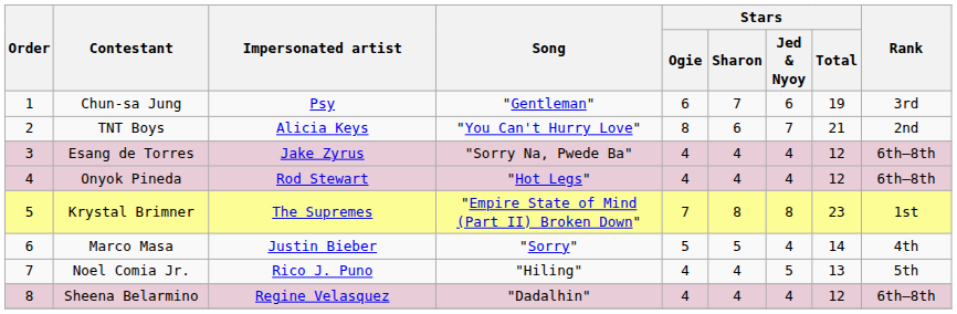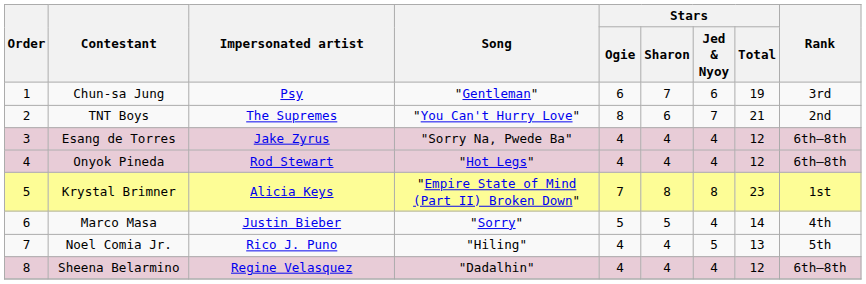 <table class="wikitable" style="text-align:center; line-height:17px; width:100%;">
 <tr>
 <th rowspan="2" style="width:03%;">Order</th>
 <th rowspan="2" style="width:17%;">Contestant</th>
 <th rowspan="2" style="width:25%;">Impersonated artist</th>
 <th rowspan="2" style="width:25%;">Song</th>
 <th colspan="4" style="width:20%;">Stars</th>
 <th rowspan="2" style="width:10%;">Rank</th>
 </tr>
 <tr>
 <th style="width:05%;">Ogie</th>
 <th style="width:05%;">Sharon</th>
 <th style="width:05%;">Jed & Nyoy</th>
 <th style="width:05%;">Total</th>
 </tr>
 <tr>
 <td>1</td>
 <td>Chun-sa Jung</td>
 <td><a href='#'>Psy</a></td>
 <td>"<a href='#'>Gentleman</a>"</td>
 <td>6</td>
 <td>7</td>
 <td>6</td>
 <td>19</td>
 <td>3rd</td>
 </tr>
 <tr>
 <td>2</td>
 <td>TNT Boys</td>
-<td><a href='#'>Alicia Keys</a></td>
+<td><a href='#'>The Supremes</a></td>
 <td>"<a href='#'>You Can't Hurry Love</a>"</td>
 <td>8</td>
 <td>6</td>
 <td>7</td>
 <td>21</td>
 <td>2nd</td>
 </tr>
 <tr bgcolor=#E8CCD7>
 <td>3</td>
 <td>Esang de Torres</td>
 <td><a href='#'>Jake Zyrus</a></td>
 <td>"Sorry Na, Pwede Ba"</td>
 <td>4</td>
 <td>4</td>
 <td>4</td>
 <td>12</td>
 <td>6th–8th</td>
 </tr>
 <tr bgcolor=#E8CCD7>
 <td>4</td>
 <td>Onyok Pineda</td>
 <td><a href='#'>Rod Stewart</a></td>
 <td>"<a href='#'>Hot Legs</a>"</td>
 <td>4</td>
 <td>4</td>
 <td>4</td>
 <td>12</td>
 <td>6th–8th</td>
 </tr>
 <tr bgcolor=#FDFD96>
 <td>5</td>
 <td>Krystal Brimner</td>
-<td><a href='#'>The Supremes</a></td>
+<td><a href='#'>Alicia Keys</a></td>
 <td>"<a href='#'>Empire State of Mind (Part II) Broken Down</a>"</td>
 <td>7</td>
 <td>8</td>
 <td>8</td>
 <td>23</td>
 <td>1st</td>
 </tr>
 <tr>
 <td>6</td>
 <td>Marco Masa</td>
 <td><a href='#'>Justin Bieber</a></td>
 <td>"<a href='#'>Sorry</a>"</td>
 <td>5</td>
 <td>5</td>
 <td>4</td>
 <td>14</td>
 <td>4th</td>
 </tr>
 <tr>
 <td>7</td>
 <td>Noel Comia Jr.</td>
 <td><a href='#'>Rico J. Puno</a></td>
 <td>"Hiling"</td>
 <td>4</td>
 <td>4</td>
 <td>5</td>
 <td>13</td>
 <td>5th</td>
 </tr>
 <tr bgcolor=#E8CCD7>
 <td>8</td>
 <td>Sheena Belarmino</td>
 <td><a href='#'>Regine Velasquez</a></td>
 <td>"Dadalhin"</td>
 <td>4</td>
 <td>4</td>
 <td>4</td>
 <td>12</td>
 <td>6th–8th</td>
 </tr>
 <tr>
 </tr>
 </table>
